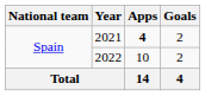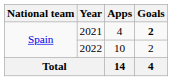 <table class=wikitable style=text-align:center>
 <tr>
 <th>National team</th>
 <th>Year</th>
 <th>Apps</th>
 <th>Goals</th>
 </tr>
 <tr>
 <td rowspan="2"><a href='#'>Spain</a></td>
 <td>2021</td>
-<td><strong>4</strong></td>
-<td>2</td>
+<td>4</td>
+<td><strong>2</strong></td>
 </tr>
 <tr>
 <td>2022</td>
 <td>10</td>
 <td>2</td>
 </tr>
 <tr>
 <th colspan="2">Total</th>
 <th>14</th>
 <th>4</th>
 </tr>
 </table>
